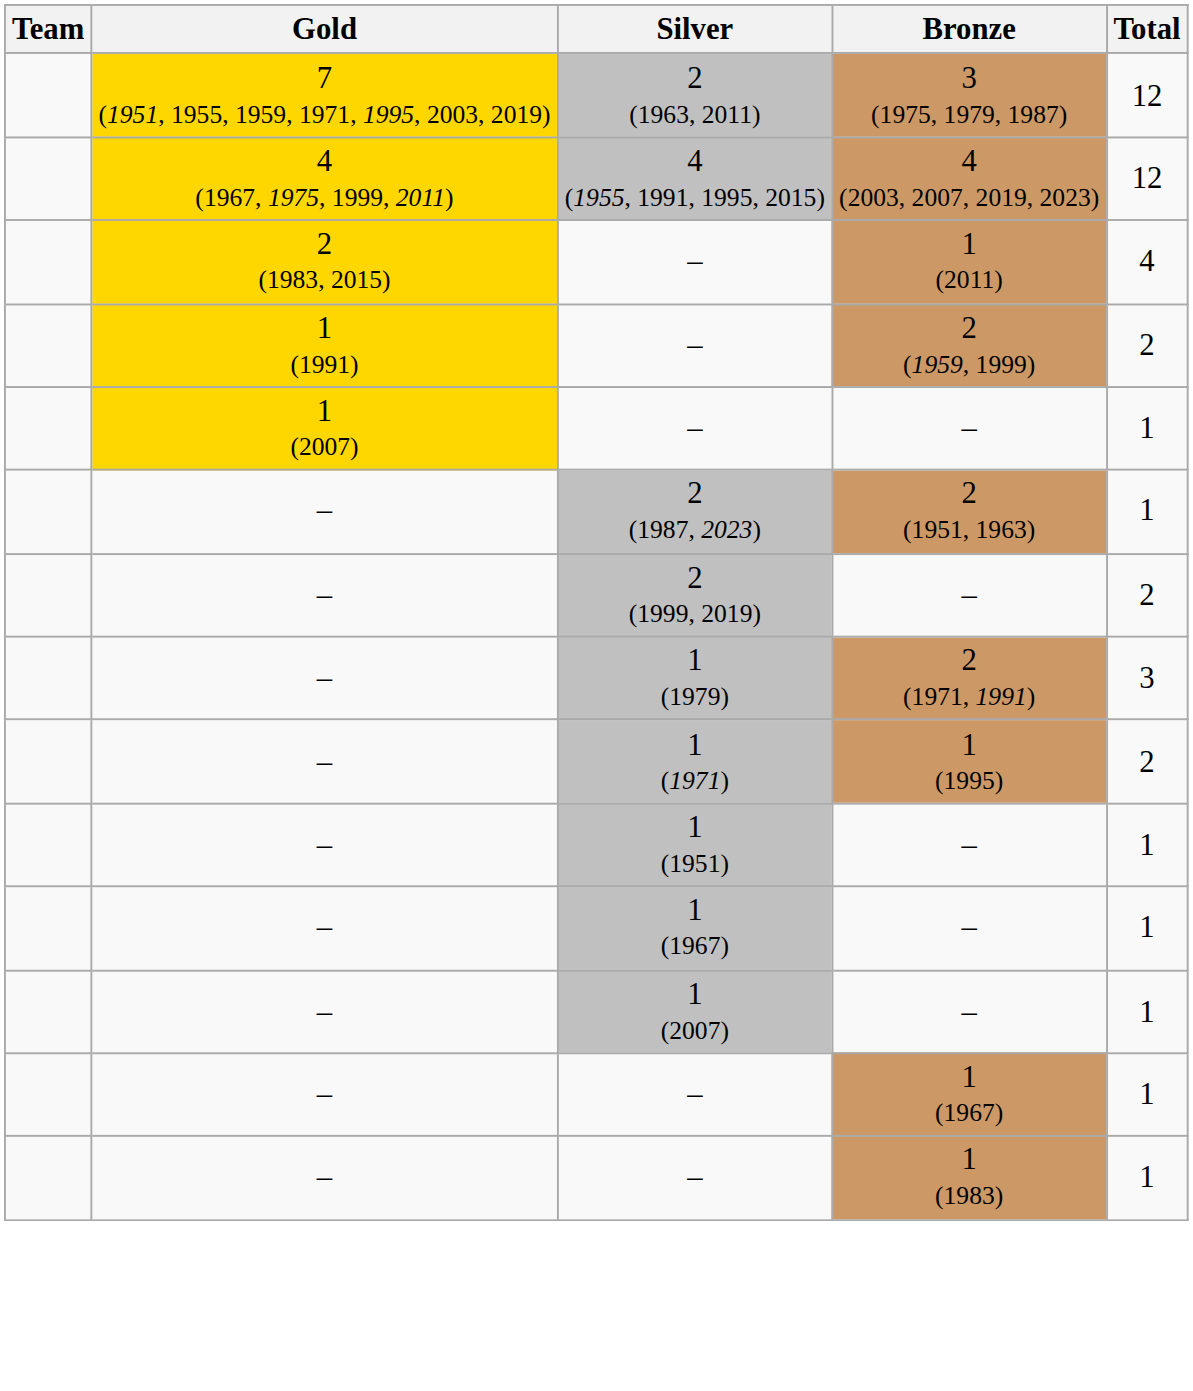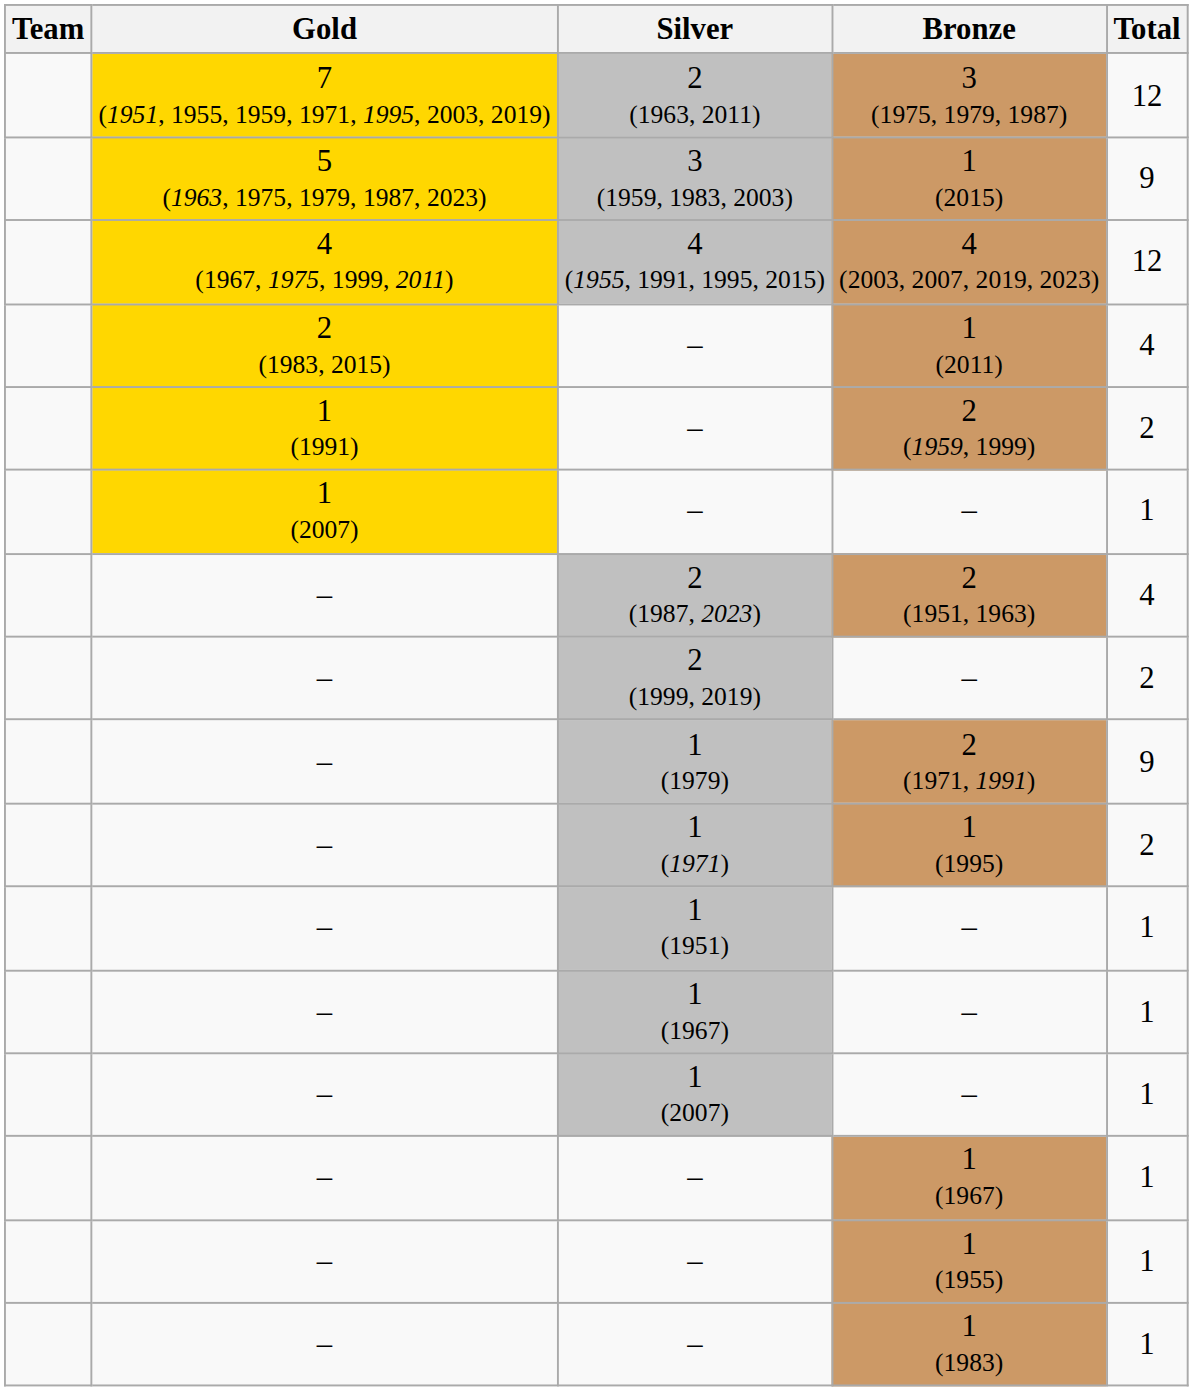 <table class="wikitable" style="text-align: center;">
 <tr>
 <th>Team</th>
 <th>Gold</th>
 <th>Silver</th>
 <th>Bronze</th>
 <th>Total</th>
 </tr>
 <tr>
 <td align=left><strong></strong></td>
 <td style="background:gold">7<br><small>(<em>1951</em>, 1955, 1959, 1971, <em>1995</em>, 2003, 2019)</small></td>
 <td style="background:silver">2<br><small>(1963, 2011)</small></td>
 <td style="background:#c96">3<br><small>(1975, 1979, 1987)</small></td>
 <td>12</td>
+</tr>
+<tr>
+<td align=left><strong></strong></td>
+<td style="background:gold">5<br><small>(<em>1963</em>, 1975, 1979, 1987, 2023)</small></td>
+<td style="background:silver">3<br><small>(1959, 1983, 2003)</small></td>
+<td style="background:#c96">1<br><small>(2015)</small></td>
+<td>9</td>
 </tr>
 <tr>
 <td align=left><strong></strong></td>
 <td style="background:gold">4<br><small>(1967, <em>1975</em>, 1999, <em>2011</em>)</small></td>
 <td style="background:silver">4<br><small>(<em>1955</em>, 1991, 1995, 2015)</small></td>
 <td style="background:#c96">4<br><small>(2003, 2007, 2019, 2023)</small></td>
 <td>12</td>
 </tr>
 <tr>
 <td align=left><strong></strong></td>
 <td style="background:gold">2<br><small>(1983, 2015)</small></td>
 <td>–</td>
 <td style="background:#c96">1<br><small>(2011)</small></td>
 <td>4</td>
 </tr>
 <tr>
 <td align=left><strong></strong></td>
 <td style="background:gold">1<br><small>(1991)</small></td>
 <td>–</td>
 <td style="background:#c96">2<br><small>(<em>1959</em>, 1999)</small></td>
 <td>2</td>
 </tr>
 <tr {}>
 <td align=left><strong></strong></td>
 <td style="background:gold">1<br><small>(2007)</small></td>
 <td>–</td>
 <td>–</td>
 <td>1</td>
 </tr>
 <tr>
 <td align=left></td>
 <td>–</td>
 <td style="background:silver">2<br><small>(1987, <em>2023</em>)</small></td>
 <td style="background:#c96">2<br><small>(1951, 1963)</small></td>
-<td>1</td>
+<td>4</td>
 </tr>
 <tr>
 <td align=left></td>
 <td>–</td>
 <td style="background:silver">2<br><small>(1999, 2019)</small></td>
 <td>–</td>
 <td>2</td>
 </tr>
 <tr>
 <td align=left></td>
 <td>–</td>
 <td style="background:silver">1<br><small>(1979)</small></td>
 <td style="background:#c96">2<br><small>(1971, <em>1991</em>)</small></td>
-<td>3</td>
+<td>9</td>
 </tr>
 <tr>
 <td align=left></td>
 <td>–</td>
 <td style="background:silver">1<br><small>(<em>1971</em>)</small></td>
 <td style="background:#c96">1<br><small>(1995)</small></td>
 <td>2</td>
 </tr>
 <tr>
 <td align=left></td>
 <td>–</td>
 <td style="background:silver">1<br><small>(1951)</small></td>
 <td>–</td>
 <td>1</td>
 </tr>
 <tr>
 <td align=left></td>
 <td>–</td>
 <td style="background:silver">1<br><small>(1967)</small></td>
 <td>–</td>
 <td>1</td>
 </tr>
 <tr>
 <td align=left></td>
 <td>–</td>
 <td style="background:silver">1<br><small>(2007)</small></td>
 <td>–</td>
 <td>1</td>
 </tr>
 <tr>
 <td align=left></td>
 <td>–</td>
 <td>–</td>
 <td style="background:#c96">1<br><small>(1967)</small></td>
 <td>1</td>
 </tr>
 <tr>
 <td align=left></td>
 <td>–</td>
 <td>–</td>
+<td style="background:#c96">1<br><small>(1955)</small></td>
+<td>1</td>
+</tr>
+<tr>
+<td align=left></td>
+<td>–</td>
+<td>–</td>
 <td style="background:#c96">1<br><small>(1983)</small></td>
 <td>1</td>
 </tr>
 </table>
